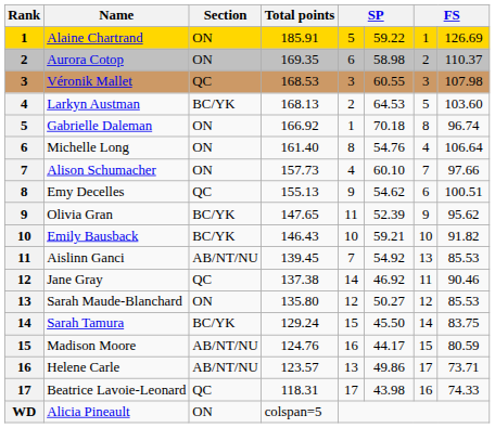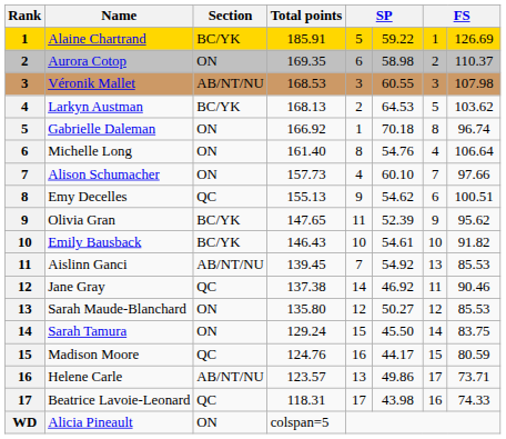 <table class="wikitable sortable">
 <tr>
 <th>Rank</th>
 <th>Name</th>
 <th>Section</th>
 <th>Total points</th>
 <th colspan="2" width="80px"><a href='#'>SP</a></th>
 <th colspan="2" width="80px"><a href='#'>FS</a></th>
 </tr>
 <tr bgcolor="gold">
 <td align="center"><strong>1</strong></td>
 <td><a href='#'>Alaine Chartrand</a></td>
-<td>ON</td>
+<td>BC/YK</td>
 <td align="center">185.91</td>
 <td align="center">5</td>
 <td align="center">59.22</td>
 <td align="center">1</td>
 <td align="center">126.69</td>
 </tr>
 <tr bgcolor="silver">
 <td align="center"><strong>2</strong></td>
 <td><a href='#'>Aurora Cotop</a></td>
 <td>ON</td>
 <td align="center">169.35</td>
 <td align="center">6</td>
 <td align="center">58.98</td>
 <td align="center">2</td>
 <td align="center">110.37</td>
 </tr>
 <tr bgcolor="cc9966">
 <td align="center"><strong>3</strong></td>
 <td><a href='#'>Véronik Mallet</a></td>
-<td>QC</td>
+<td>AB/NT/NU</td>
 <td align="center">168.53</td>
 <td align="center">3</td>
 <td align="center">60.55</td>
 <td align="center">3</td>
 <td align="center">107.98</td>
 </tr>
 <tr>
 <th>4</th>
 <td><a href='#'>Larkyn Austman</a></td>
 <td>BC/YK</td>
 <td align="center">168.13</td>
 <td align="center">2</td>
 <td align="center">64.53</td>
 <td align="center">5</td>
-<td align="center">103.60</td>
+<td align="center">103.62</td>
 </tr>
 <tr>
 <th>5</th>
 <td><a href='#'>Gabrielle Daleman</a></td>
 <td>ON</td>
 <td align="center">166.92</td>
 <td align="center">1</td>
 <td align="center">70.18</td>
 <td align="center">8</td>
 <td align="center">96.74</td>
 </tr>
 <tr>
 <th>6</th>
 <td>Michelle Long</td>
 <td>ON</td>
 <td align="center">161.40</td>
 <td align="center">8</td>
 <td align="center">54.76</td>
 <td align="center">4</td>
 <td align="center">106.64</td>
 </tr>
 <tr>
 <th>7</th>
 <td><a href='#'>Alison Schumacher</a></td>
 <td>ON</td>
 <td align="center">157.73</td>
 <td align="center">4</td>
 <td align="center">60.10</td>
 <td align="center">7</td>
 <td align="center">97.66</td>
 </tr>
 <tr>
 <th>8</th>
 <td>Emy Decelles</td>
 <td>QC</td>
 <td align="center">155.13</td>
 <td align="center">9</td>
 <td align="center">54.62</td>
 <td align="center">6</td>
 <td align="center">100.51</td>
 </tr>
 <tr>
 <th>9</th>
 <td>Olivia Gran</td>
 <td>BC/YK</td>
 <td align="center">147.65</td>
 <td align="center">11</td>
 <td align="center">52.39</td>
 <td align="center">9</td>
 <td align="center">95.62</td>
 </tr>
 <tr>
 <th>10</th>
 <td><a href='#'>Emily Bausback</a></td>
 <td>BC/YK</td>
 <td align="center">146.43</td>
 <td align="center">10</td>
-<td align="center">59.21</td>
+<td align="center">54.61</td>
 <td align="center">10</td>
 <td align="center">91.82</td>
 </tr>
 <tr>
 <th>11</th>
 <td>Aislinn Ganci</td>
 <td>AB/NT/NU</td>
 <td align="center">139.45</td>
 <td align="center">7</td>
 <td align="center">54.92</td>
 <td align="center">13</td>
 <td align="center">85.53</td>
 </tr>
 <tr>
 <th>12</th>
 <td>Jane Gray</td>
 <td>QC</td>
 <td align="center">137.38</td>
 <td align="center">14</td>
 <td align="center">46.92</td>
 <td align="center">11</td>
 <td align="center">90.46</td>
 </tr>
 <tr>
 <th>13</th>
 <td>Sarah Maude-Blanchard</td>
 <td>ON</td>
 <td align="center">135.80</td>
 <td align="center">12</td>
 <td align="center">50.27</td>
 <td align="center">12</td>
 <td align="center">85.53</td>
 </tr>
 <tr>
 <th>14</th>
 <td><a href='#'>Sarah Tamura</a></td>
-<td>BC/YK</td>
+<td>ON</td>
 <td align="center">129.24</td>
 <td align="center">15</td>
 <td align="center">45.50</td>
 <td align="center">14</td>
 <td align="center">83.75</td>
 </tr>
 <tr>
 <th>15</th>
 <td>Madison Moore</td>
-<td>AB/NT/NU</td>
+<td>QC</td>
 <td align="center">124.76</td>
 <td align="center">16</td>
 <td align="center">44.17</td>
 <td align="center">15</td>
 <td align="center">80.59</td>
 </tr>
 <tr>
 <th>16</th>
 <td>Helene Carle</td>
 <td>AB/NT/NU</td>
 <td align="center">123.57</td>
 <td align="center">13</td>
 <td align="center">49.86</td>
 <td align="center">17</td>
 <td align="center">73.71</td>
 </tr>
 <tr>
 <th>17</th>
 <td>Beatrice Lavoie-Leonard</td>
 <td>QC</td>
 <td align="center">118.31</td>
 <td align="center">17</td>
 <td align="center">43.98</td>
 <td align="center">16</td>
 <td align="center">74.33</td>
 </tr>
 <tr>
 <th>WD</th>
 <td><a href='#'>Alicia Pineault</a></td>
 <td>ON</td>
 <td>colspan=5 </td>
 </tr>
 </table>
